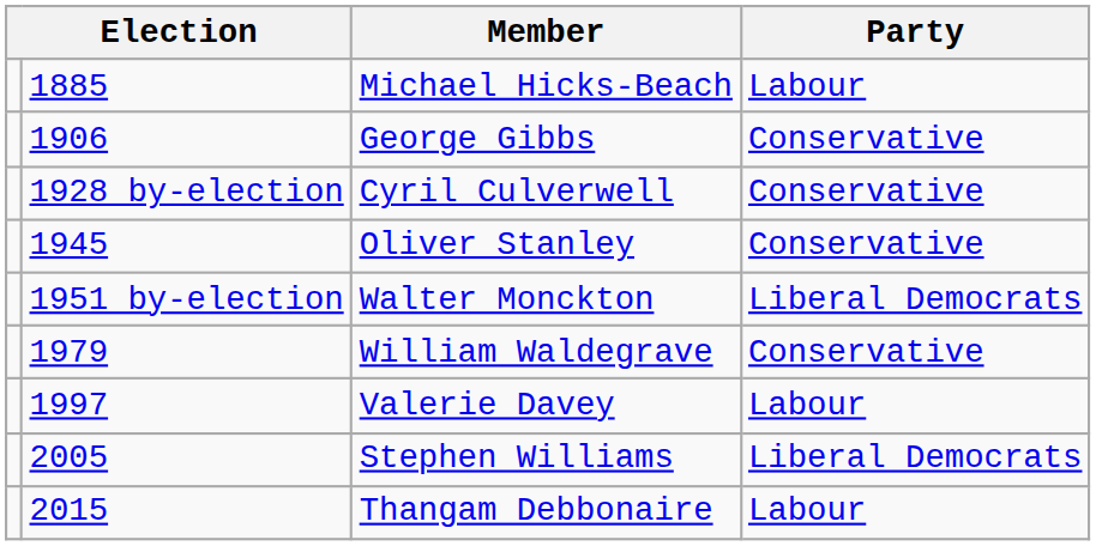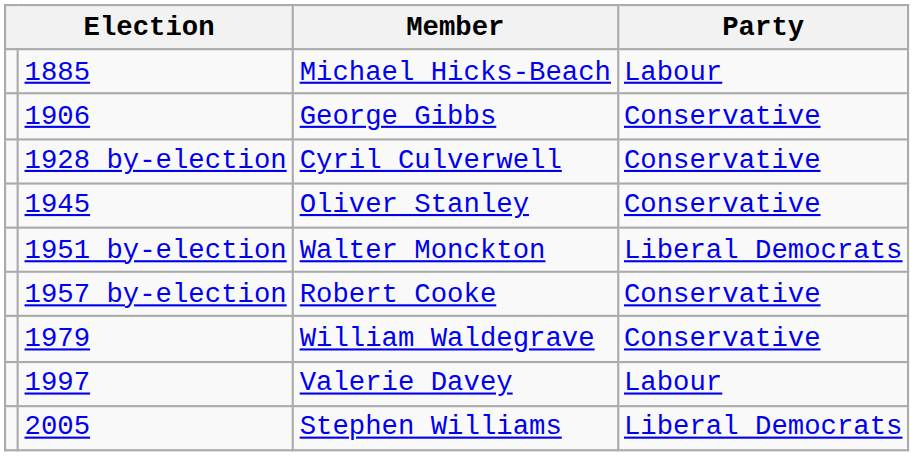 <table class="wikitable">
 <tr>
 <th colspan="2">Election</th>
 <th>Member</th>
 <th>Party</th>
 </tr>
 <tr>
 <td style="color:inherit;background-color: "></td>
 <td><a href='#'>1885</a></td>
 <td><a href='#'>Michael Hicks-Beach</a></td>
 <td><a href='#'>Labour</a></td>
 </tr>
 <tr>
 <td style="color:inherit;background-color: "></td>
 <td><a href='#'>1906</a></td>
 <td><a href='#'>George Gibbs</a></td>
 <td><a href='#'>Conservative</a></td>
 </tr>
 <tr>
 <td style="color:inherit;background-color: "></td>
 <td><a href='#'>1928 by-election</a></td>
 <td><a href='#'>Cyril Culverwell</a></td>
 <td><a href='#'>Conservative</a></td>
 </tr>
 <tr>
 <td style="color:inherit;background-color: "></td>
 <td><a href='#'>1945</a></td>
 <td><a href='#'>Oliver Stanley</a></td>
 <td><a href='#'>Conservative</a></td>
 </tr>
 <tr>
 <td style="color:inherit;background-color: "></td>
 <td><a href='#'>1951 by-election</a></td>
 <td><a href='#'>Walter Monckton</a></td>
 <td><a href='#'>Liberal Democrats</a></td>
 </tr>
 <tr>
 <td style="color:inherit;background-color: "></td>
+<td><a href='#'>1957 by-election</a></td>
+<td><a href='#'>Robert Cooke</a></td>
+<td><a href='#'>Conservative</a></td>
+</tr>
+<tr>
+<td style="color:inherit;background-color: "></td>
 <td><a href='#'>1979</a></td>
 <td><a href='#'>William Waldegrave</a></td>
 <td><a href='#'>Conservative</a></td>
 </tr>
 <tr>
 <td style="color:inherit;background-color: "></td>
 <td><a href='#'>1997</a></td>
 <td><a href='#'>Valerie Davey</a></td>
 <td><a href='#'>Labour</a></td>
 </tr>
 <tr>
 <td style="color:inherit;background-color: "></td>
 <td><a href='#'>2005</a></td>
 <td><a href='#'>Stephen Williams</a></td>
 <td><a href='#'>Liberal Democrats</a></td>
 </tr>
-<tr>
-<td style="color:inherit;background-color: "></td>
-<td><a href='#'>2015</a></td>
-<td><a href='#'>Thangam Debbonaire</a></td>
-<td><a href='#'>Labour</a></td>
-</tr>
 </table>
